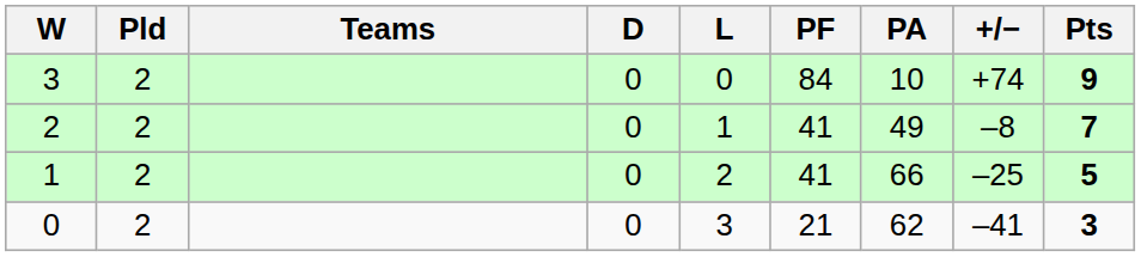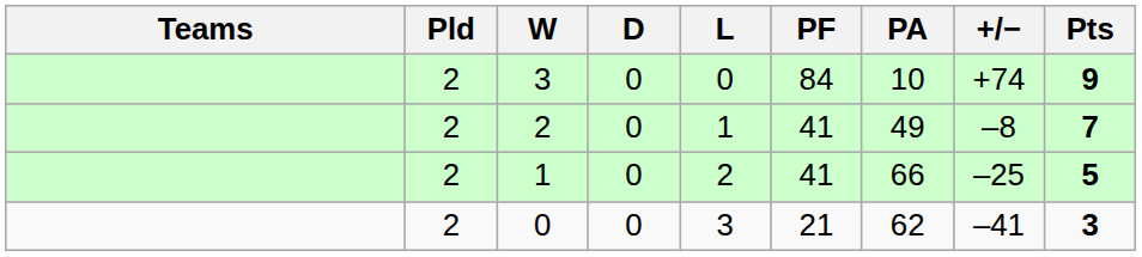 <table class="wikitable" style="text-align: center;">
 <tr>
+<th style="width:200px;">Teams</th>
+<th width="40">Pld</th>
 <th width="40">W</th>
-<th width="40">Pld</th>
-<th style="width:200px;">Teams</th>
 <th width="40">D</th>
 <th width="40">L</th>
 <th width="40">PF</th>
 <th width="40">PA</th>
 <th width="40">+/−</th>
 <th width="40">Pts</th>
 </tr>
 <tr bgcolor=ccffcc>
+<td align=left></td>
+<td>2</td>
 <td>3</td>
-<td>2</td>
-<td align=left></td>
 <td>0</td>
 <td>0</td>
 <td>84</td>
 <td>10</td>
 <td>+74</td>
 <td><strong>9</strong></td>
 </tr>
 <tr bgcolor=ccffcc>
+<td align=left></td>
 <td>2</td>
 <td>2</td>
-<td align=left></td>
 <td>0</td>
 <td>1</td>
 <td>41</td>
 <td>49</td>
 <td>–8</td>
 <td><strong>7</strong></td>
 </tr>
 <tr bgcolor=ccffcc>
+<td align=left></td>
+<td>2</td>
 <td>1</td>
-<td>2</td>
-<td align=left></td>
 <td>0</td>
 <td>2</td>
 <td>41</td>
 <td>66</td>
 <td>–25</td>
 <td><strong>5</strong></td>
 </tr>
 <tr>
+<td align=left></td>
+<td>2</td>
 <td>0</td>
-<td>2</td>
-<td align=left></td>
 <td>0</td>
 <td>3</td>
 <td>21</td>
 <td>62</td>
 <td>–41</td>
 <td><strong>3</strong></td>
 </tr>
 </table>
